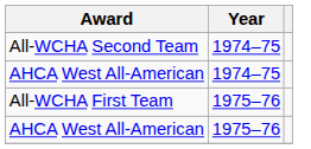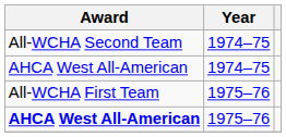 <table class="wikitable">
 <tr>
 <th>Award</th>
 <th>Year</th>
 <th></th>
 </tr>
 <tr>
 <td>All-<a href='#'>WCHA</a> <a href='#'>Second Team</a></td>
 <td><a href='#'>1974–75</a></td>
 <td></td>
 </tr>
 <tr>
 <td><a href='#'>AHCA</a> <a href='#'>West All-American</a></td>
 <td><a href='#'>1974–75</a></td>
 <td></td>
 </tr>
 <tr>
 <td>All-<a href='#'>WCHA</a> <a href='#'>First Team</a></td>
 <td><a href='#'>1975–76</a></td>
 <td></td>
 </tr>
 <tr>
-<td><a href='#'>AHCA</a> <a href='#'>West All-American</a></td>
+<td><strong><a href='#'>AHCA</a> <a href='#'>West All-American</a></strong></td>
 <td><a href='#'>1975–76</a></td>
 <td></td>
 </tr>
 <tr>
 </tr>
 </table>
